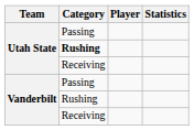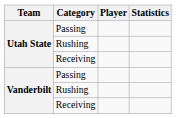 <table class="wikitable" style="float:right">
 <tr>
 <th>Team</th>
 <th>Category</th>
 <th>Player</th>
 <th>Statistics</th>
 </tr>
 <tr>
 <th rowspan=3>Utah State</th>
 <td>Passing</td>
 <td></td>
 <td></td>
 </tr>
 <tr>
-<td><strong>Rushing</strong></td>
+<td>Rushing</td>
 <td></td>
 <td></td>
 </tr>
 <tr>
 <td>Receiving</td>
 <td></td>
 <td></td>
 </tr>
 <tr>
 <th rowspan=3>Vanderbilt</th>
 <td>Passing</td>
 <td></td>
 <td></td>
 </tr>
 <tr>
 <td>Rushing</td>
 <td></td>
 <td></td>
 </tr>
 <tr>
 <td>Receiving</td>
 <td></td>
 <td></td>
 </tr>
 </table>
